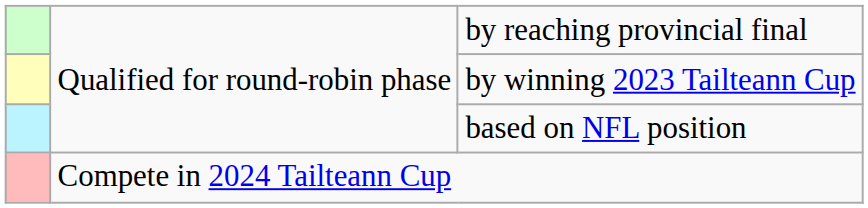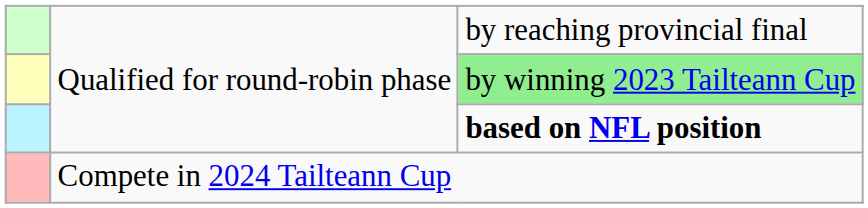 <table class="wikitable" align="right">
 <tr>
 <td style="background:#cfc;">    </td>
 <td rowspan="3">Qualified for round-robin phase</td>
 <td>by reaching provincial final</td>
 </tr>
 <tr>
 <td style="background:#FFFFBB">    </td>
-<td>by winning <a href='#'>2023 Tailteann Cup</a></td>
+<td style="background: lightgreen;">by winning <a href='#'>2023 Tailteann Cup</a></td>
 </tr>
 <tr>
 <td style="background:#BBF3FF">    </td>
-<td>based on <a href='#'>NFL</a> position</td>
+<td><strong>based on <a href='#'>NFL</a> position</strong></td>
 </tr>
 <tr>
 <td style="background:#FFBBBB">    </td>
 <td colspan="2">Compete in <a href='#'>2024 Tailteann Cup</a></td>
 </tr>
 </table>
